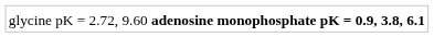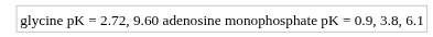 <table style="float: right; border: 1px solid #BBB; margin: .46em 0 0 .2em;">
 <tr>
 <td></td>
 <td></td>
 </tr>
 <tr>
 <td align=center>glycine pK = 2.72, 9.60</td>
-<td align=center><strong>adenosine monophosphate pK = 0.9, 3.8, 6.1</strong></td>
+<td align=center>adenosine monophosphate pK = 0.9, 3.8, 6.1</td>
 </tr>
 </table>
